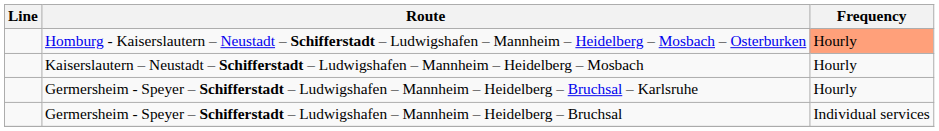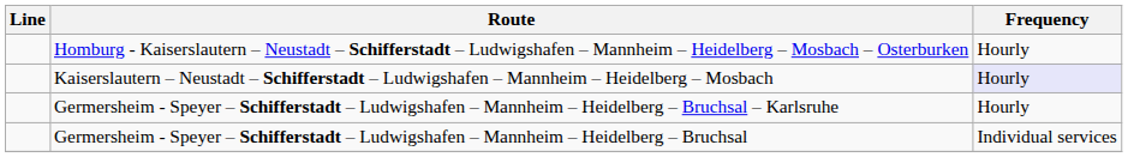 <table class="wikitable">
 <tr style="background-color:#e3e3e3;">
 <th>Line</th>
 <th>Route</th>
 <th>Frequency</th>
 </tr>
 <tr>
 <td></td>
 <td><a href='#'>Homburg</a> - Kaiserslautern – <a href='#'>Neustadt</a> – <strong>Schifferstadt</strong> – Ludwigshafen – Mannheim – <a href='#'>Heidelberg</a> – <a href='#'>Mosbach</a> – <a href='#'>Osterburken</a></td>
-<td style="background: lightsalmon;">Hourly</td>
+<td>Hourly</td>
 </tr>
 <tr>
 <td></td>
 <td>Kaiserslautern – Neustadt – <strong>Schifferstadt</strong> – Ludwigshafen – Mannheim – Heidelberg – Mosbach</td>
-<td>Hourly</td>
+<td style="background: lavender;">Hourly</td>
 </tr>
 <tr>
 <td></td>
 <td>Germersheim - Speyer – <strong>Schifferstadt</strong> – Ludwigshafen – Mannheim – Heidelberg – <a href='#'>Bruchsal</a> – Karlsruhe</td>
 <td>Hourly</td>
 </tr>
 <tr>
 <td></td>
 <td>Germersheim - Speyer – <strong>Schifferstadt</strong> – Ludwigshafen – Mannheim – Heidelberg – Bruchsal</td>
 <td>Individual services</td>
 </tr>
 <tr>
 </tr>
 </table>
